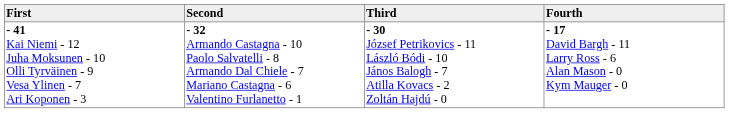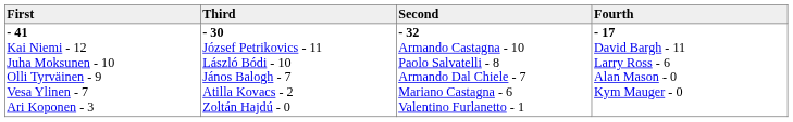 <table border=1 cellpadding=2 cellspacing=0 width=75% style="border-collapse:collapse">
 <tr align=left style="background:#efefef;">
 <th width=20%>First</th>
+<th width=20%>Third</th>
 <th width=20%>Second</th>
-<th width=20%>Third</th>
 <th width=20%>Fourth</th>
 </tr>
 <tr align=left>
 <td valign=top><strong> - 41</strong><br><a href='#'>Kai Niemi</a> - 12 <br><a href='#'>Juha Moksunen</a> - 10 <br><a href='#'>Olli Tyrväinen</a> - 9 <br><a href='#'>Vesa Ylinen</a> - 7 <br><a href='#'>Ari Koponen</a> - 3</td>
+<td valign=top><strong> - 30</strong><br><a href='#'>József Petrikovics</a> - 11 <br><a href='#'>László Bódi</a> - 10 <br><a href='#'>János Balogh</a> - 7 <br><a href='#'>Atilla Kovacs</a> - 2 <br><a href='#'>Zoltán Hajdú</a> - 0</td>
 <td valign=top><strong> - 32</strong><br><a href='#'>Armando Castagna</a> - 10 <br><a href='#'>Paolo Salvatelli</a> - 8 <br><a href='#'>Armando Dal Chiele</a> - 7 <br><a href='#'>Mariano Castagna</a> - 6 <br><a href='#'>Valentino Furlanetto</a> - 1</td>
-<td valign=top><strong> - 30</strong><br><a href='#'>József Petrikovics</a> - 11 <br><a href='#'>László Bódi</a> - 10 <br><a href='#'>János Balogh</a> - 7 <br><a href='#'>Atilla Kovacs</a> - 2 <br><a href='#'>Zoltán Hajdú</a> - 0</td>
 <td valign=top><strong> - 17</strong><br><a href='#'>David Bargh</a> - 11 <br><a href='#'>Larry Ross</a> - 6 <br><a href='#'>Alan Mason</a> - 0 <br><a href='#'>Kym Mauger</a> - 0</td>
 </tr>
 </table>
